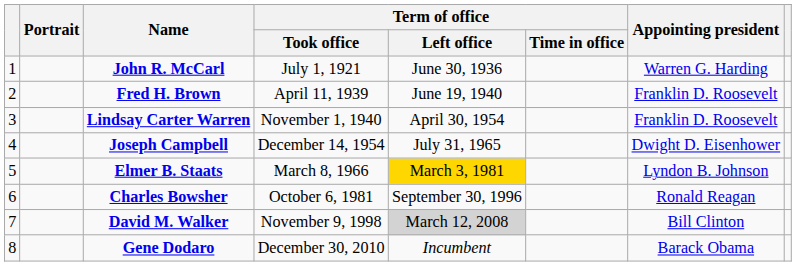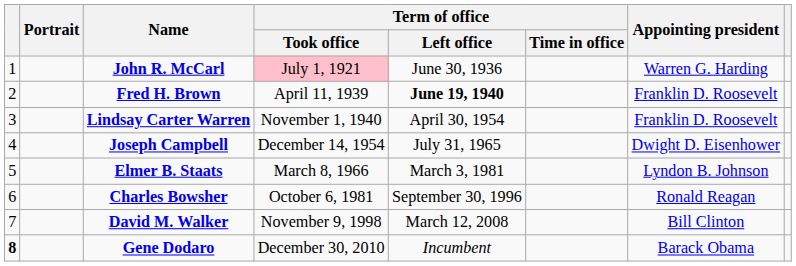 <table class="wikitable" style="text-align:center">
 <tr>
 <th rowspan=2></th>
 <th rowspan=2>Portrait</th>
 <th rowspan=2>Name<br></th>
 <th colspan=3>Term of office</th>
 <th rowspan="2">Appointing president</th>
 <th rowspan="2"></th>
 </tr>
 <tr>
 <th>Took office</th>
 <th>Left office</th>
 <th>Time in office</th>
 </tr>
 <tr>
 <td>1</td>
 <td></td>
 <td><strong><a href='#'>John R. McCarl</a></strong><br></td>
-<td>July 1, 1921</td>
+<td style="background: pink;">July 1, 1921</td>
 <td>June 30, 1936</td>
 <td></td>
 <td><a href='#'>Warren G. Harding</a></td>
 <td></td>
 </tr>
 <tr>
 <td>2</td>
 <td></td>
 <td><strong><a href='#'>Fred H. Brown</a></strong><br></td>
 <td>April 11, 1939</td>
-<td>June 19, 1940</td>
+<td><strong>June 19, 1940</strong></td>
 <td></td>
 <td><a href='#'>Franklin D. Roosevelt</a></td>
 <td></td>
 </tr>
 <tr>
 <td>3</td>
 <td></td>
 <td><strong><a href='#'>Lindsay Carter Warren</a></strong><br></td>
 <td>November 1, 1940</td>
 <td>April 30, 1954</td>
 <td></td>
 <td><a href='#'>Franklin D. Roosevelt</a></td>
 <td></td>
 </tr>
 <tr>
 <td>4</td>
 <td></td>
 <td><strong><a href='#'>Joseph Campbell</a></strong><br></td>
 <td>December 14, 1954</td>
 <td>July 31, 1965</td>
 <td></td>
 <td><a href='#'>Dwight D. Eisenhower</a></td>
 <td></td>
 </tr>
 <tr>
 <td>5</td>
 <td></td>
 <td><strong><a href='#'>Elmer B. Staats</a></strong><br></td>
 <td>March 8, 1966</td>
-<td style="background: gold;">March 3, 1981</td>
+<td>March 3, 1981</td>
 <td></td>
 <td><a href='#'>Lyndon B. Johnson</a></td>
 <td></td>
 </tr>
 <tr>
 <td>6</td>
 <td></td>
 <td><strong><a href='#'>Charles Bowsher</a></strong><br></td>
 <td>October 6, 1981</td>
 <td>September 30, 1996</td>
 <td></td>
 <td><a href='#'>Ronald Reagan</a></td>
 <td></td>
 </tr>
 <tr>
 <td>7</td>
 <td></td>
 <td><strong><a href='#'>David M. Walker</a></strong><br></td>
 <td>November 9, 1998</td>
-<td style="background: lightgrey;">March 12, 2008</td>
+<td>March 12, 2008</td>
 <td></td>
 <td><a href='#'>Bill Clinton</a></td>
 <td></td>
 </tr>
 <tr>
-<td>8</td>
+<td><strong>8</strong></td>
 <td></td>
 <td><strong><a href='#'>Gene Dodaro</a></strong><br></td>
 <td>December 30, 2010</td>
 <td><em>Incumbent</em></td>
 <td></td>
 <td><a href='#'>Barack Obama</a></td>
 <td></td>
 </tr>
 </table>
